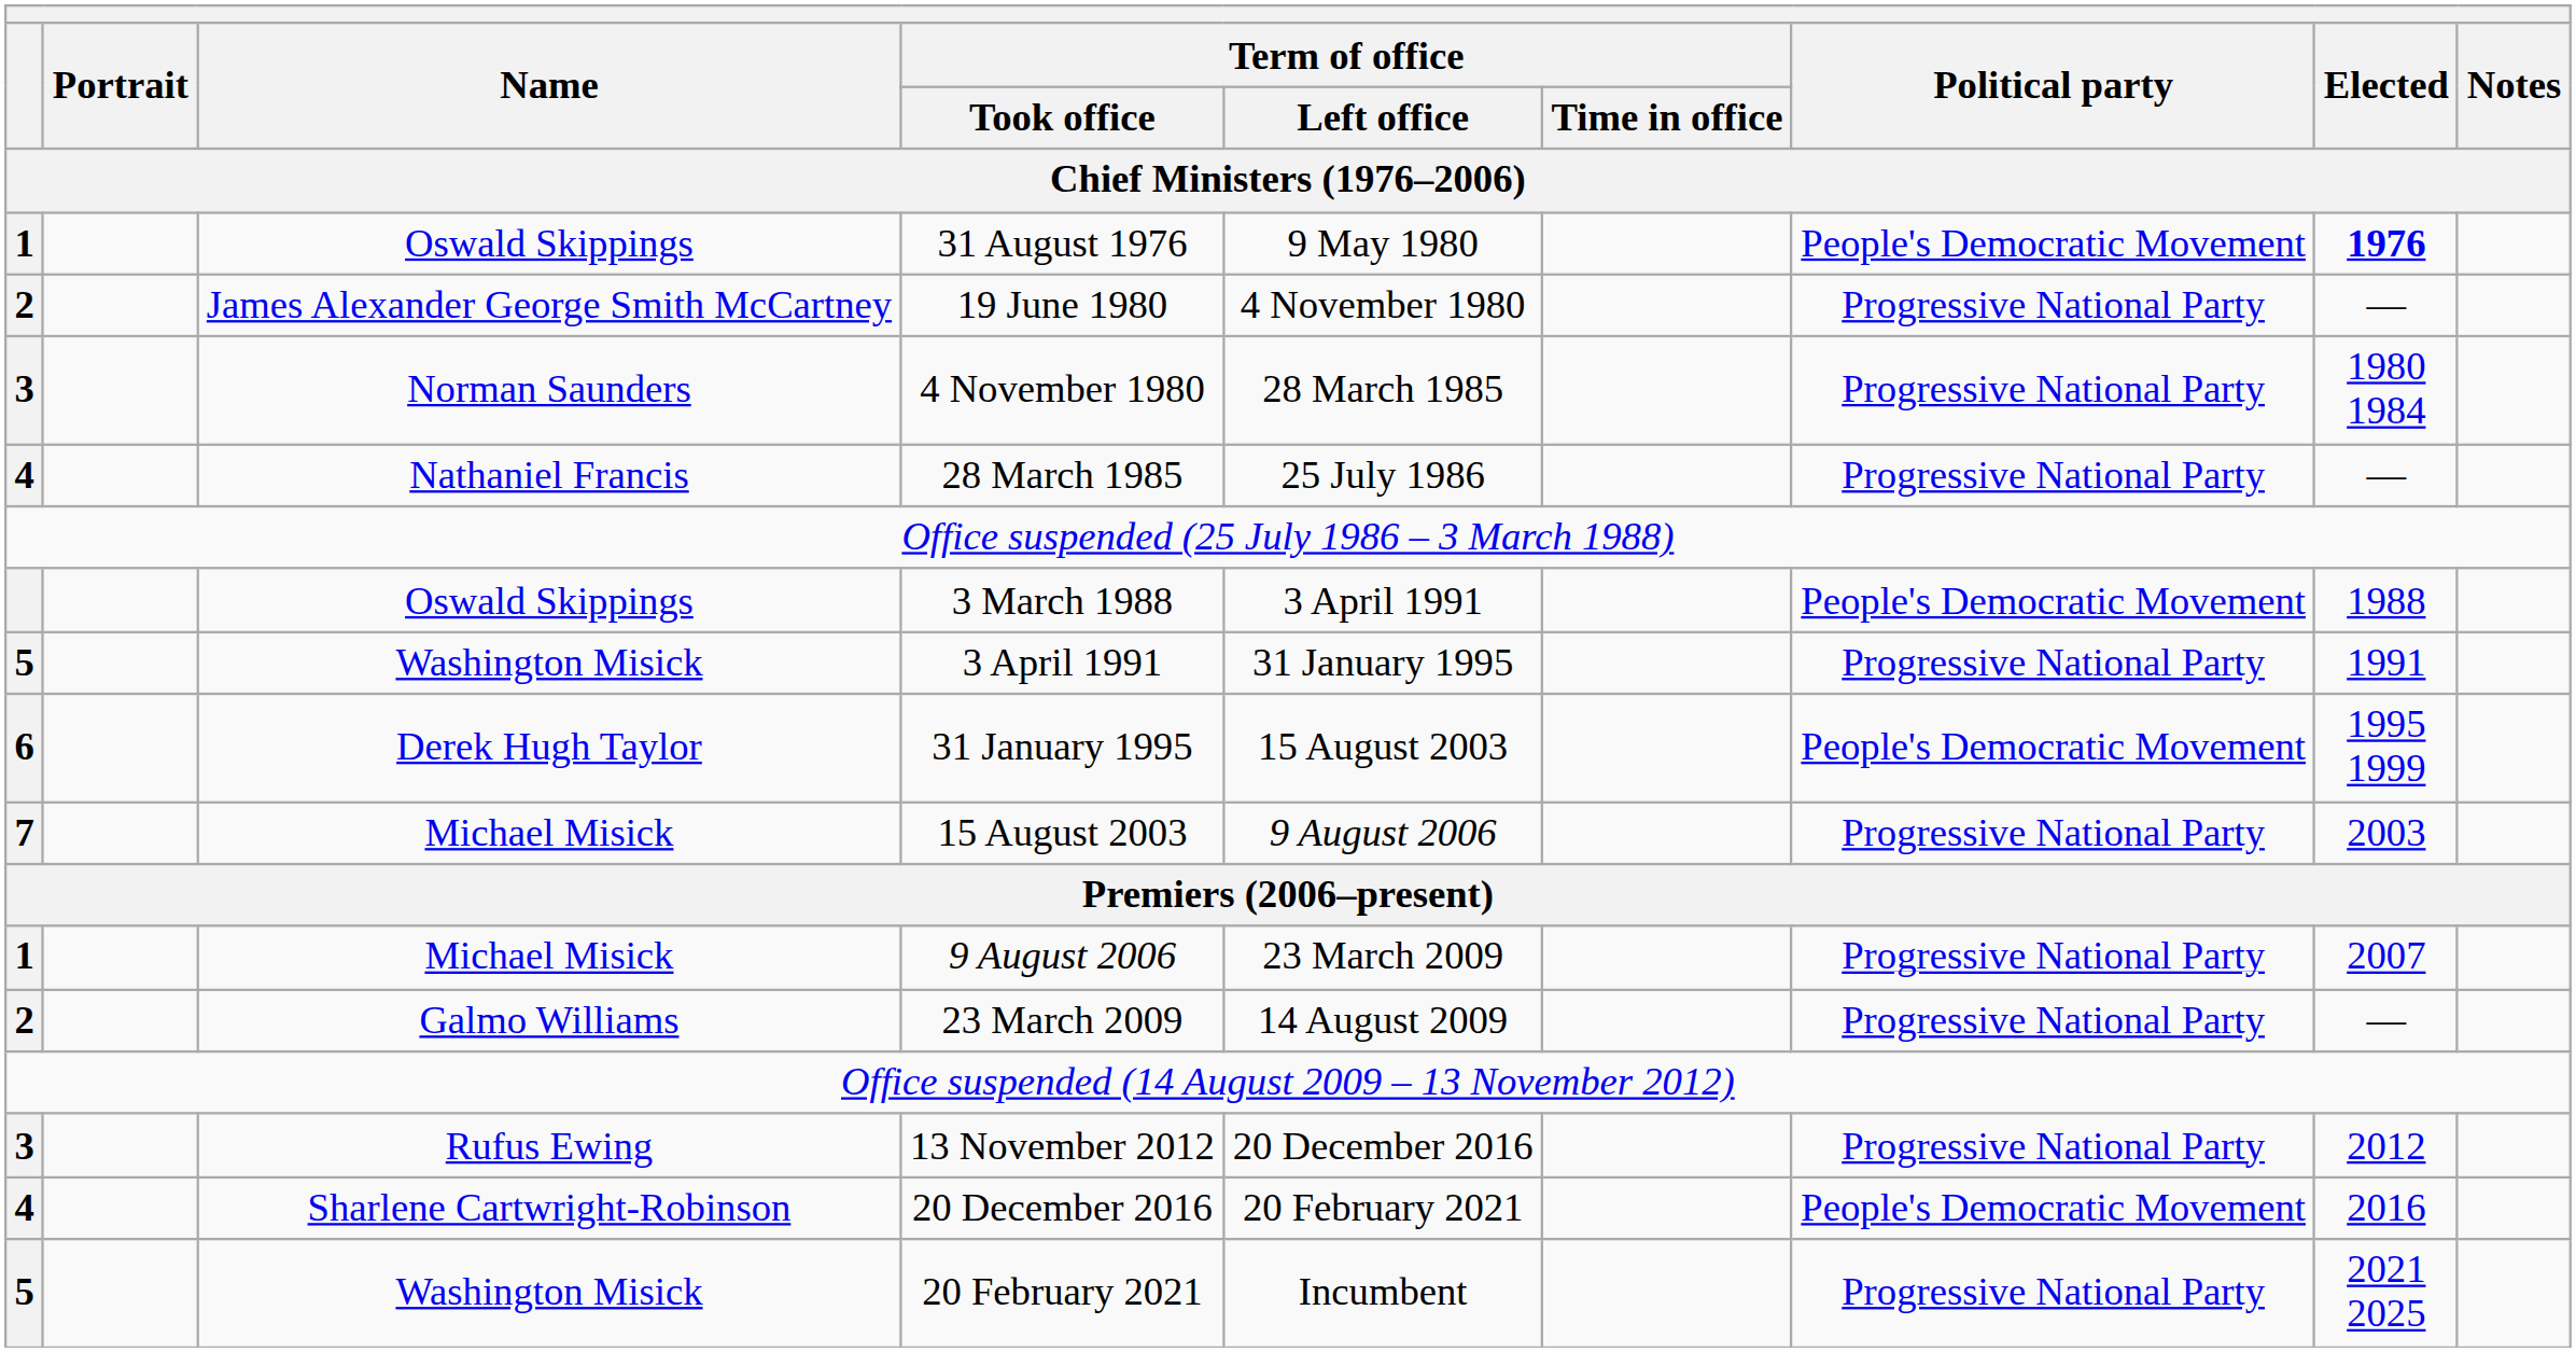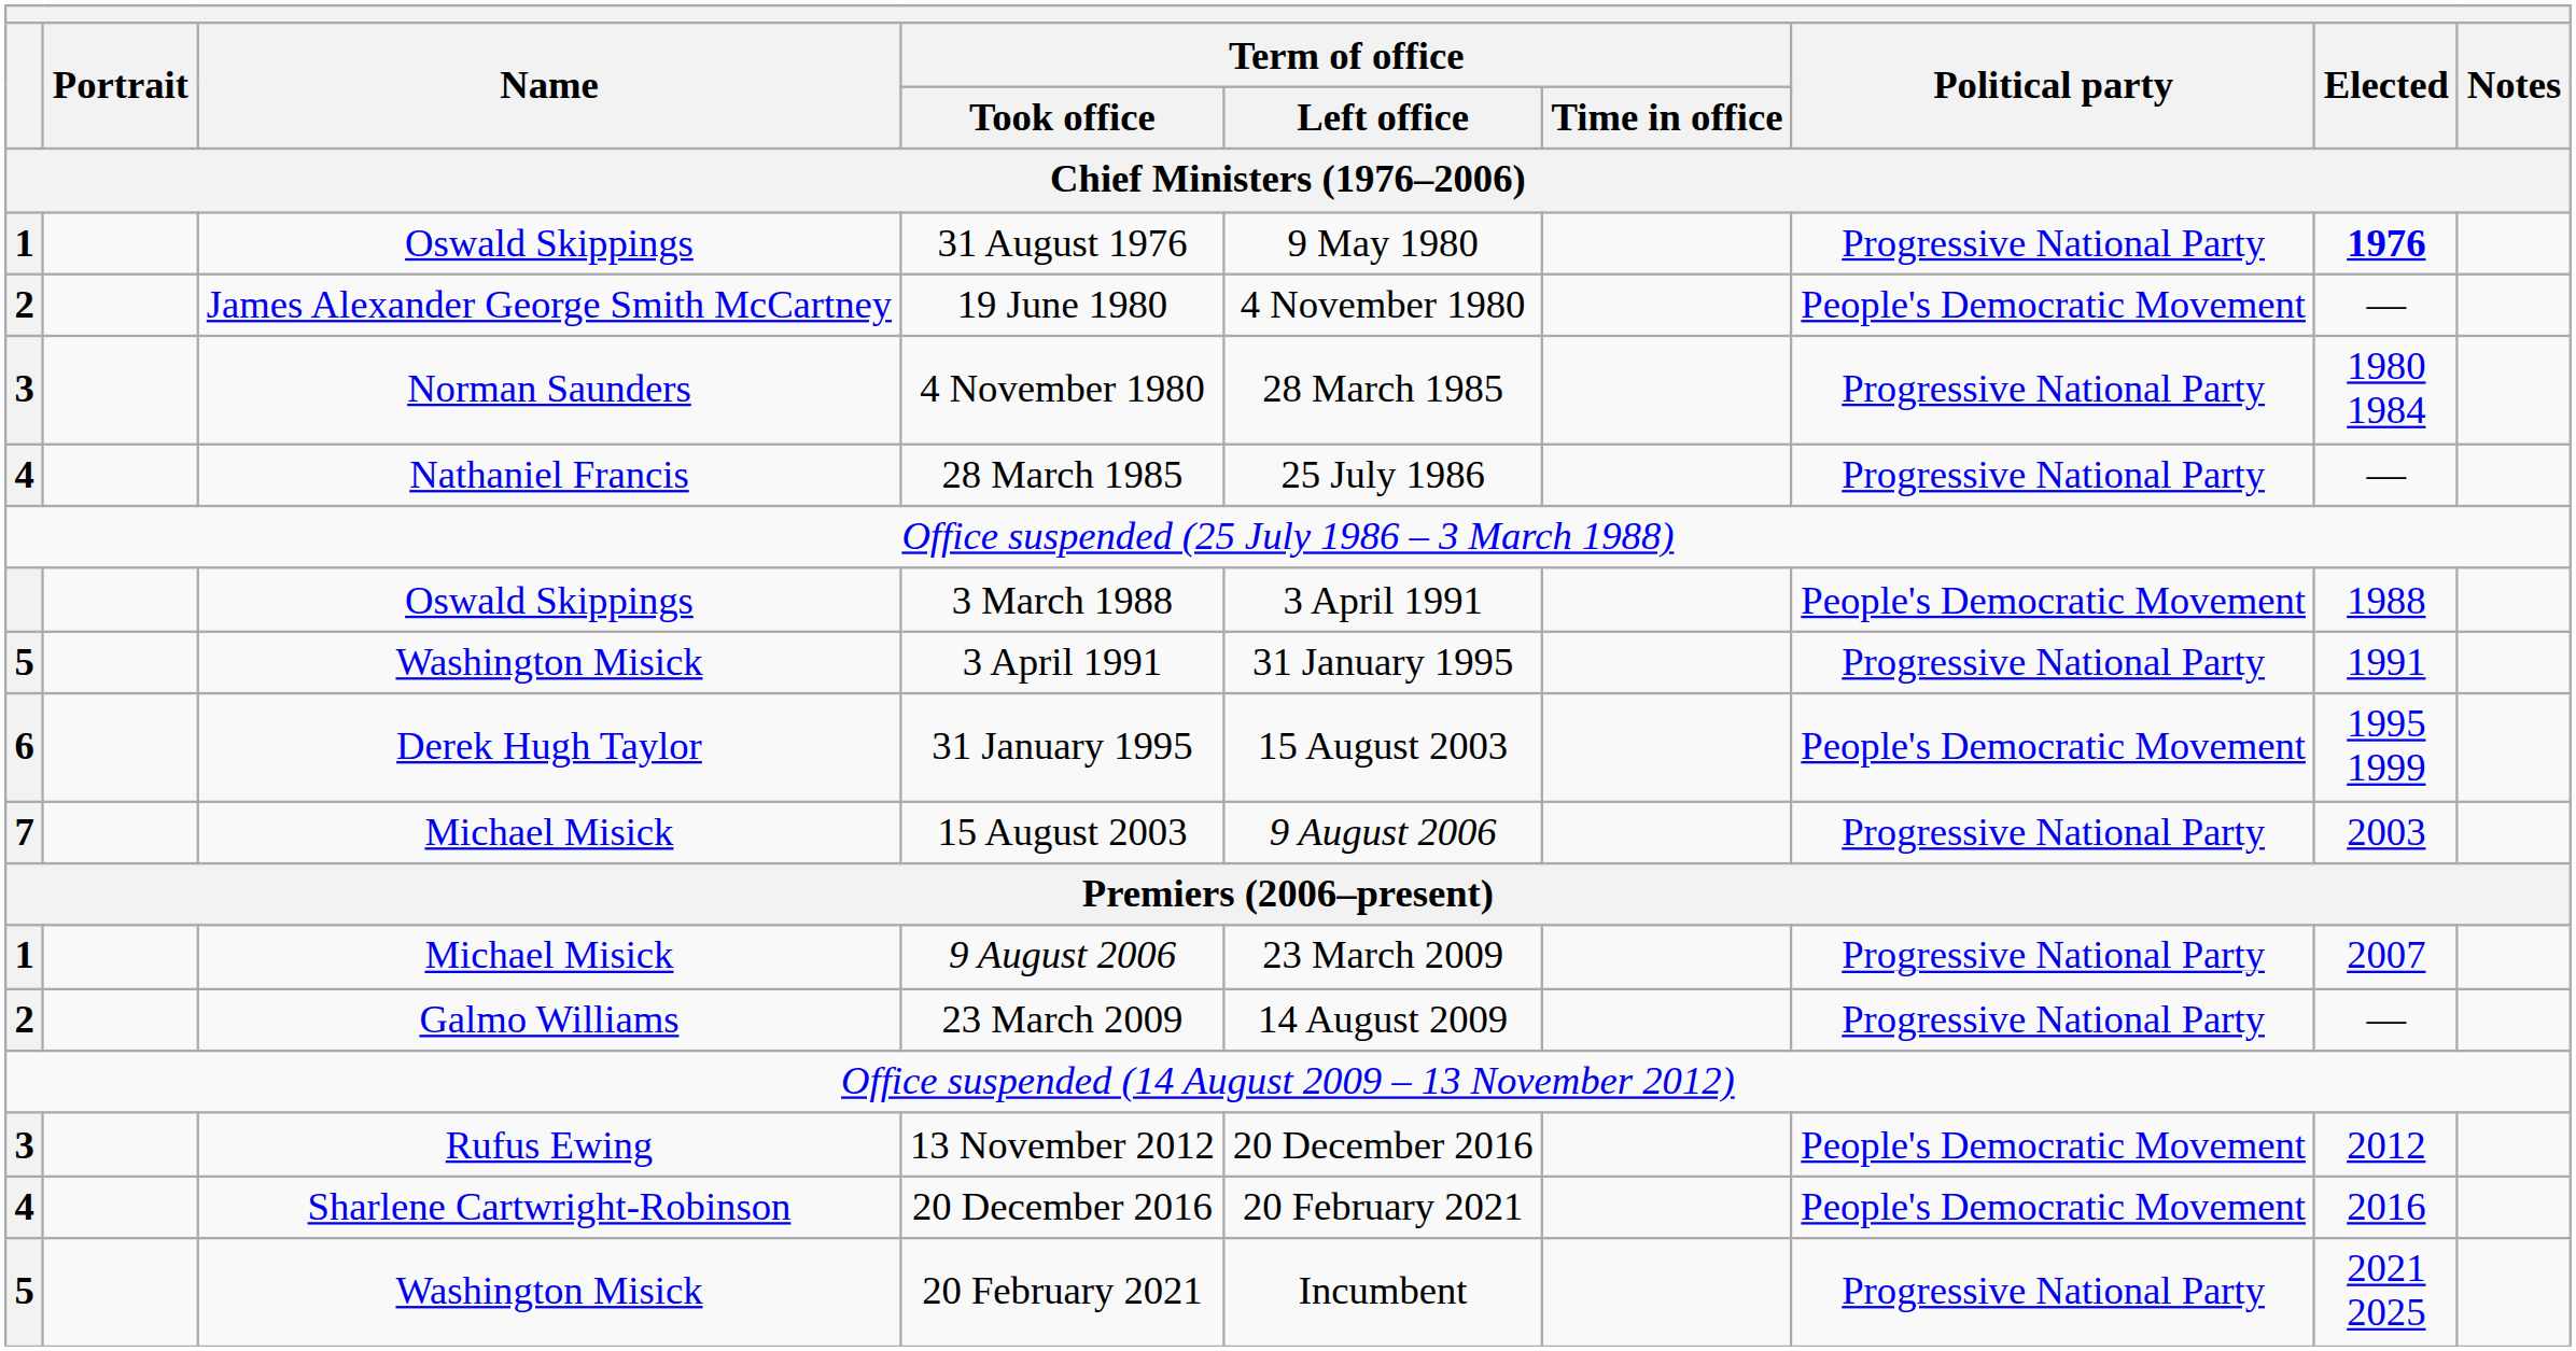 <table class="wikitable" style="text-align:center">
 <tr>
 <th colspan="9"> </th>
 </tr>
 <tr style="text-align:center; background:#ebebeb">
 <th rowspan=2></th>
 <th rowspan=2>Portrait</th>
 <th rowspan=2>Name<br></th>
 <th colspan=3>Term of office</th>
 <th rowspan=2>Political party</th>
 <th rowspan=2>Elected</th>
 <th rowspan=2>Notes</th>
 </tr>
 <tr style="text-align:center; background:#ebebeb">
 <th>Took office</th>
 <th>Left office</th>
 <th>Time in office</th>
 </tr>
 <tr>
 <th colspan="9">Chief Ministers (1976–2006)</th>
 </tr>
 <tr>
 <th style="background:">1</th>
 <td></td>
 <td><a href='#'>Oswald Skippings</a><br></td>
 <td>31 August 1976</td>
 <td>9 May 1980</td>
 <td></td>
-<td><a href='#'>People's Democratic Movement</a></td>
+<td><a href='#'>Progressive National Party</a></td>
 <td><strong><a href='#'>1976</a></strong></td>
 <td></td>
 </tr>
 <tr>
 <th style="background:">2</th>
 <td></td>
 <td><a href='#'>James Alexander George Smith McCartney</a><br></td>
 <td>19 June 1980</td>
 <td>4 November 1980</td>
 <td></td>
-<td><a href='#'>Progressive National Party</a></td>
+<td><a href='#'>People's Democratic Movement</a></td>
 <td>—</td>
 <td></td>
 </tr>
 <tr>
 <th style="background:">3</th>
 <td></td>
 <td><a href='#'>Norman Saunders</a><br></td>
 <td>4 November 1980</td>
 <td>28 March 1985</td>
 <td></td>
 <td><a href='#'>Progressive National Party</a></td>
 <td><a href='#'>1980</a><br><a href='#'>1984</a></td>
 <td></td>
 </tr>
 <tr>
 <th style="background:">4</th>
 <td></td>
 <td><a href='#'>Nathaniel Francis</a><br></td>
 <td>28 March 1985</td>
 <td>25 July 1986</td>
 <td></td>
 <td><a href='#'>Progressive National Party</a></td>
 <td>—</td>
 <td></td>
 </tr>
 <tr>
 <td colspan="9"><em><a href='#'>Office suspended (25 July 1986 – 3 March 1988)</a></em></td>
 </tr>
 <tr>
 <th style="background:"></th>
 <td></td>
 <td><a href='#'>Oswald Skippings</a><br></td>
 <td>3 March 1988</td>
 <td>3 April 1991</td>
 <td></td>
 <td><a href='#'>People's Democratic Movement</a></td>
 <td><a href='#'>1988</a></td>
 <td></td>
 </tr>
 <tr>
 <th style="background:">5</th>
 <td></td>
 <td><a href='#'>Washington Misick</a><br></td>
 <td>3 April 1991</td>
 <td>31 January 1995</td>
 <td></td>
 <td><a href='#'>Progressive National Party</a></td>
 <td><a href='#'>1991</a></td>
 <td></td>
 </tr>
 <tr>
 <th style="background:">6</th>
 <td></td>
 <td><a href='#'>Derek Hugh Taylor</a><br></td>
 <td>31 January 1995</td>
 <td>15 August 2003</td>
 <td></td>
 <td><a href='#'>People's Democratic Movement</a></td>
 <td><a href='#'>1995</a><br><a href='#'>1999</a></td>
 <td></td>
 </tr>
 <tr>
 <th style="background:">7</th>
 <td></td>
 <td><a href='#'>Michael Misick</a><br></td>
 <td>15 August 2003</td>
 <td><em>9 August 2006</em></td>
 <td></td>
 <td><a href='#'>Progressive National Party</a></td>
 <td><a href='#'>2003</a></td>
 <td></td>
 </tr>
 <tr>
 <th colspan="9">Premiers (2006–present)</th>
 </tr>
 <tr>
 <th style="background:">1</th>
 <td></td>
 <td><a href='#'>Michael Misick</a><br></td>
 <td><em>9 August 2006</em></td>
 <td>23 March 2009</td>
 <td></td>
 <td><a href='#'>Progressive National Party</a></td>
 <td><a href='#'>2007</a></td>
 <td></td>
 </tr>
 <tr>
 <th style="background:">2</th>
 <td></td>
 <td><a href='#'>Galmo Williams</a><br></td>
 <td>23 March 2009</td>
 <td>14 August 2009</td>
 <td></td>
 <td><a href='#'>Progressive National Party</a></td>
 <td>—</td>
 <td></td>
 </tr>
 <tr>
 <td colspan="9"><em><a href='#'>Office suspended (14 August 2009 – 13 November 2012)</a></em></td>
 </tr>
 <tr>
 <th style="background:">3</th>
 <td></td>
 <td><a href='#'>Rufus Ewing</a><br></td>
 <td>13 November 2012</td>
 <td>20 December 2016</td>
 <td></td>
-<td><a href='#'>Progressive National Party</a></td>
+<td><a href='#'>People's Democratic Movement</a></td>
 <td><a href='#'>2012</a></td>
 <td></td>
 </tr>
 <tr>
 <th style="background:">4</th>
 <td></td>
 <td><a href='#'>Sharlene Cartwright-Robinson</a><br></td>
 <td>20 December 2016</td>
 <td>20 February 2021</td>
 <td></td>
 <td><a href='#'>People's Democratic Movement</a></td>
 <td><a href='#'>2016</a></td>
 <td></td>
 </tr>
 <tr>
 <th style="background:">5</th>
 <td></td>
 <td><a href='#'>Washington Misick</a><br></td>
 <td>20 February 2021</td>
 <td>Incumbent</td>
 <td></td>
 <td><a href='#'>Progressive National Party</a></td>
 <td><a href='#'>2021</a><br><a href='#'>2025</a></td>
 <td></td>
 </tr>
 </table>
